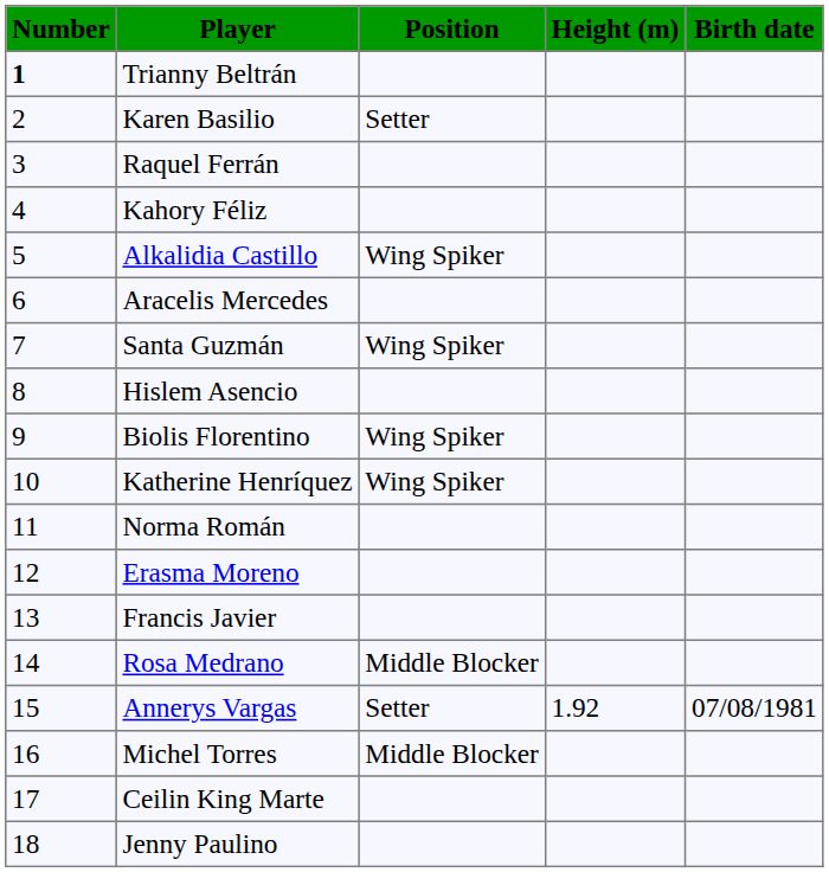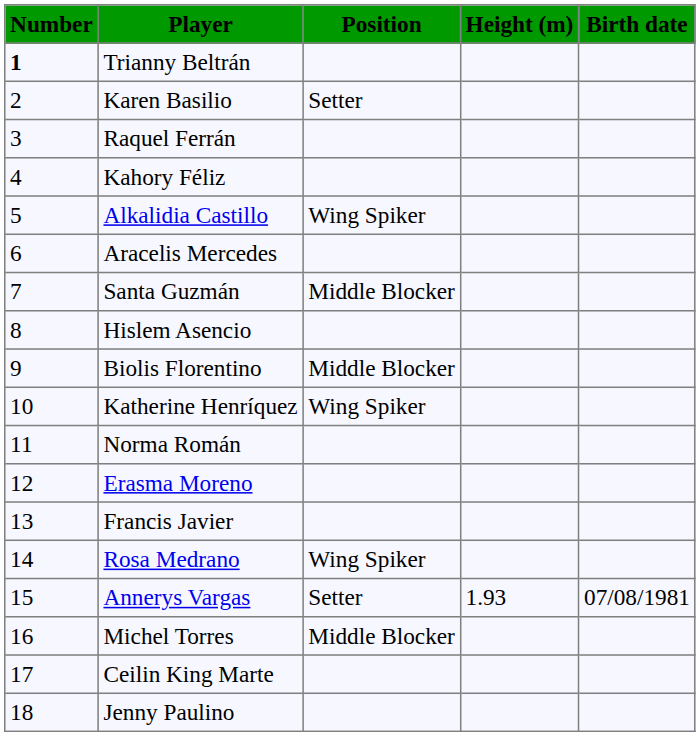 <table bgcolor="#f7f8ff" cellpadding="3" cellspacing="0" border="1" style="font-size: 95%; border: gray solid 1px; border-collapse: collapse;">
 <tr bgcolor="#009900">
 <td align=center><strong>Number</strong></td>
 <td align=center><strong>Player</strong></td>
 <td align=center><strong>Position</strong></td>
 <td align=center><strong>Height (m)</strong></td>
 <td align=center><strong>Birth date</strong></td>
 </tr>
 <tr align=left>
 <td><strong>1</strong></td>
 <td> Trianny Beltrán</td>
 <td></td>
 <td></td>
 <td></td>
 </tr>
 <tr align="left">
 <td>2</td>
 <td> Karen Basilio</td>
 <td>Setter</td>
 <td></td>
 <td></td>
 </tr>
 <tr align="left">
 <td>3</td>
 <td> Raquel Ferrán</td>
 <td></td>
 <td></td>
 <td></td>
 </tr>
 <tr align="left">
 <td>4</td>
 <td> Kahory Féliz</td>
 <td></td>
 <td></td>
 <td></td>
 </tr>
 <tr align="left">
 <td>5</td>
 <td> <a href='#'>Alkalidia Castillo</a></td>
 <td>Wing Spiker</td>
 <td></td>
 <td></td>
 </tr>
 <tr align="left">
 <td>6</td>
 <td>  Aracelis Mercedes</td>
 <td></td>
 <td></td>
 <td></td>
 </tr>
 <tr align="left">
 <td>7</td>
 <td> Santa Guzmán</td>
-<td>Wing Spiker</td>
+<td>Middle Blocker</td>
 <td></td>
 <td></td>
 </tr>
 <tr align="left">
 <td>8</td>
 <td> Hislem Asencio</td>
 <td></td>
 <td></td>
 <td></td>
 </tr>
 <tr align="left">
 <td>9</td>
 <td> Biolis Florentino</td>
-<td>Wing Spiker</td>
+<td>Middle Blocker</td>
 <td></td>
 <td></td>
 </tr>
 <tr align="left">
 <td>10</td>
 <td> Katherine Henríquez</td>
 <td>Wing Spiker</td>
 <td></td>
 <td></td>
 </tr>
 <tr align="left">
 <td>11</td>
 <td> Norma Román</td>
 <td></td>
 <td></td>
 <td></td>
 </tr>
 <tr align="left">
 <td>12</td>
 <td> <a href='#'>Erasma Moreno</a></td>
 <td></td>
 <td></td>
 <td></td>
 </tr>
 <tr align="left">
 <td>13</td>
 <td> Francis Javier</td>
 <td></td>
 <td></td>
 <td></td>
 </tr>
 <tr align="left">
 <td>14</td>
 <td> <a href='#'>Rosa Medrano</a></td>
-<td>Middle Blocker</td>
+<td>Wing Spiker</td>
 <td></td>
 <td></td>
 </tr>
 <tr align="left">
 <td>15</td>
 <td> <a href='#'>Annerys Vargas</a></td>
 <td>Setter</td>
-<td>1.92</td>
+<td>1.93</td>
 <td>07/08/1981</td>
 </tr>
 <tr align="left">
 <td>16</td>
 <td> Michel Torres</td>
 <td>Middle Blocker</td>
 <td></td>
 <td></td>
 </tr>
 <tr align="left">
 <td>17</td>
 <td> Ceilin King Marte</td>
 <td></td>
 <td></td>
 <td></td>
 </tr>
 <tr align="left">
 <td>18</td>
 <td> Jenny Paulino</td>
 <td></td>
 <td></td>
 <td></td>
 </tr>
 <tr align="left">
 </tr>
 </table>
